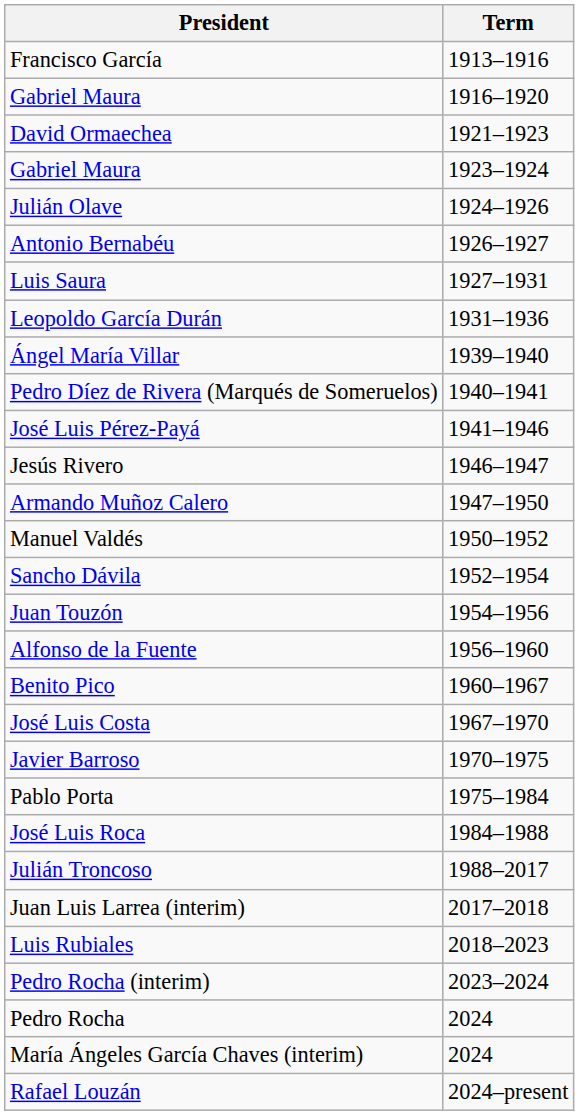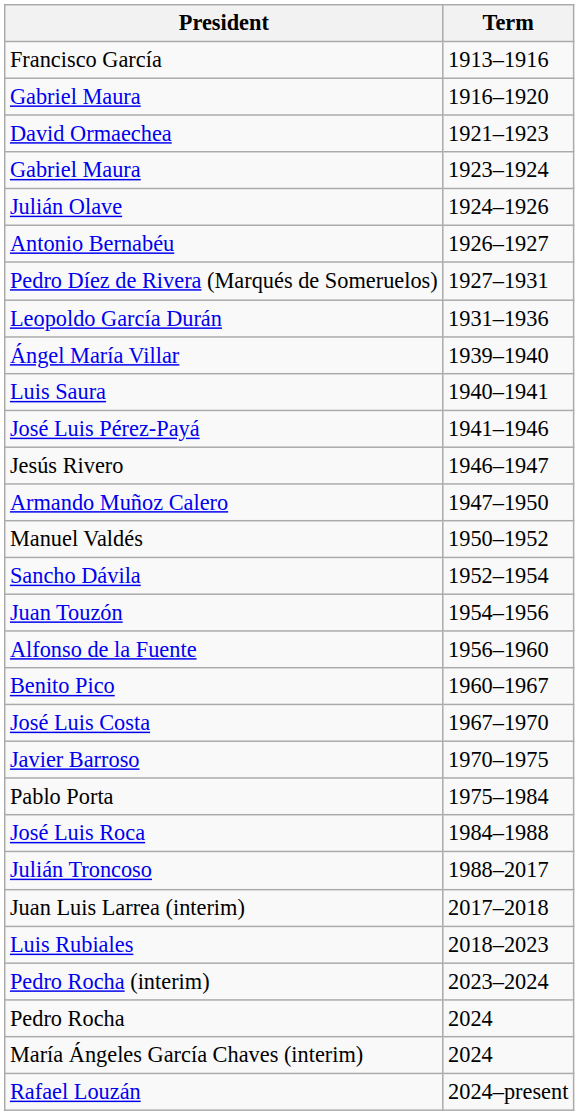 <table class="wikitable" style="font-size: 95%;">
 <tr>
 <th>President</th>
 <th>Term</th>
 </tr>
 <tr>
 <td>Francisco García</td>
 <td>1913–1916</td>
 </tr>
 <tr>
 <td><a href='#'>Gabriel Maura</a></td>
 <td>1916–1920</td>
 </tr>
 <tr>
 <td><a href='#'>David Ormaechea</a></td>
 <td>1921–1923</td>
 </tr>
 <tr>
 <td><a href='#'>Gabriel Maura</a></td>
 <td>1923–1924</td>
 </tr>
 <tr>
 <td><a href='#'>Julián Olave</a></td>
 <td>1924–1926</td>
 </tr>
 <tr>
 <td><a href='#'>Antonio Bernabéu</a></td>
 <td>1926–1927</td>
 </tr>
 <tr>
-<td><a href='#'>Luis Saura</a></td>
+<td><a href='#'>Pedro Díez de Rivera</a> (Marqués de Someruelos)</td>
 <td>1927–1931</td>
 </tr>
 <tr>
 <td><a href='#'>Leopoldo García Durán</a></td>
 <td>1931–1936</td>
 </tr>
 <tr>
 <td><a href='#'>Ángel María Villar</a></td>
 <td>1939–1940</td>
 </tr>
 <tr>
-<td><a href='#'>Pedro Díez de Rivera</a> (Marqués de Someruelos)</td>
+<td><a href='#'>Luis Saura</a></td>
 <td>1940–1941</td>
 </tr>
 <tr>
 <td><a href='#'>José Luis Pérez-Payá</a></td>
 <td>1941–1946</td>
 </tr>
 <tr>
 <td>Jesús Rivero</td>
 <td>1946–1947</td>
 </tr>
 <tr>
 <td><a href='#'>Armando Muñoz Calero</a></td>
 <td>1947–1950</td>
 </tr>
 <tr>
 <td>Manuel Valdés</td>
 <td>1950–1952</td>
 </tr>
 <tr>
 <td><a href='#'>Sancho Dávila</a></td>
 <td>1952–1954</td>
 </tr>
 <tr>
 <td><a href='#'>Juan Touzón</a></td>
 <td>1954–1956</td>
 </tr>
 <tr>
 <td><a href='#'>Alfonso de la Fuente</a></td>
 <td>1956–1960</td>
 </tr>
 <tr>
 <td><a href='#'>Benito Pico</a></td>
 <td>1960–1967</td>
 </tr>
 <tr>
 <td><a href='#'>José Luis Costa</a></td>
 <td>1967–1970</td>
 </tr>
 <tr>
 <td><a href='#'>Javier Barroso</a></td>
 <td>1970–1975</td>
 </tr>
 <tr>
 <td>Pablo Porta</td>
 <td>1975–1984</td>
 </tr>
 <tr>
 <td><a href='#'>José Luis Roca</a></td>
 <td>1984–1988</td>
 </tr>
 <tr>
 <td><a href='#'>Julián Troncoso</a></td>
 <td>1988–2017</td>
 </tr>
 <tr>
 <td>Juan Luis Larrea (interim)</td>
 <td>2017–2018</td>
 </tr>
 <tr>
 <td><a href='#'>Luis Rubiales</a></td>
 <td>2018–2023</td>
 </tr>
 <tr>
 <td><a href='#'>Pedro Rocha</a> (interim)</td>
 <td>2023–2024</td>
 </tr>
 <tr>
 <td>Pedro Rocha</td>
 <td>2024</td>
 </tr>
 <tr>
 <td>María Ángeles García Chaves (interim)</td>
 <td>2024</td>
 </tr>
 <tr>
 <td><a href='#'>Rafael Louzán</a></td>
 <td>2024–present</td>
 </tr>
 </table>
